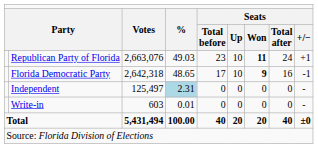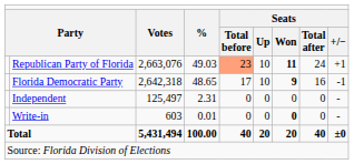 <table class="wikitable">
 <tr>
 <td colspan="9" align=center></td>
 </tr>
 <tr>
 <th colspan="2" rowspan="2">Party</th>
 <th rowspan="2">Votes</th>
 <th rowspan="2">%</th>
 <th colspan="5">Seats</th>
 </tr>
 <tr>
 <th>Total<br>before</th>
 <th>Up</th>
 <th>Won</th>
 <th>Total<br>after</th>
 <th>+/−</th>
 </tr>
 <tr>
 <td style="background-color:"></td>
 <td><a href='#'>Republican Party of Florida</a></td>
 <td align="right">2,663,076</td>
 <td align="right">49.03</td>
-<td align="right">23</td>
+<td align="right" style="background: lightsalmon;">23</td>
 <td align="right">10</td>
 <td align="right"><strong>11</strong></td>
 <td align="right">24</td>
 <td align="right">+1</td>
 </tr>
 <tr>
 <td style="background-color:"></td>
 <td><a href='#'>Florida Democratic Party</a></td>
 <td align="right">2,642,318</td>
 <td align="right">48.65</td>
 <td align="right">17</td>
 <td align="right">10</td>
 <td align="right"><strong>9</strong></td>
 <td align="right">16</td>
 <td align="right">-1</td>
 </tr>
 <tr>
 <td style="background-color:"></td>
 <td><a href='#'>Independent</a></td>
 <td align="right">125,497</td>
-<td align="right" style="background: lightblue;">2.31</td>
+<td align="right">2.31</td>
 <td align="right">0</td>
 <td align="right">0</td>
 <td align="right">0</td>
 <td align="right">0</td>
 <td align="center">-</td>
 </tr>
 <tr>
 <td style="background-color:"></td>
 <td><a href='#'>Write-in</a></td>
 <td align="right">603</td>
 <td align="right">0.01</td>
 <td align="right">0</td>
 <td align="right">0</td>
-<td align="right">0</td>
+<td align="right"><strong>0</strong></td>
 <td align="right">0</td>
 <td align="center">-</td>
 </tr>
 <tr>
 <td colspan="2"><strong>Total</strong></td>
 <td align="right"><strong>5,431,494</strong></td>
 <td align="right"><strong>100.00</strong></td>
 <td align="right"><strong>40</strong></td>
 <td align="right"><strong>20</strong></td>
 <td align="right"><strong>20</strong></td>
 <td align="right"><strong>40</strong></td>
 <td align="right"><strong>±0</strong></td>
 </tr>
 <tr>
 <td colspan="9">Source: <em>Florida Division of Elections</em></td>
 </tr>
 </table>
